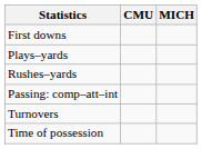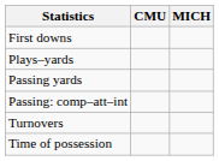 <table class="wikitable" style="float:left">
 <tr>
 <th>Statistics</th>
 <th>CMU</th>
 <th>MICH</th>
 </tr>
 <tr>
 <td>First downs</td>
 <td></td>
 <td></td>
 </tr>
 <tr>
 <td>Plays–yards</td>
 <td></td>
 <td></td>
 </tr>
 <tr>
-<td>Rushes–yards</td>
+<td>Passing yards</td>
 <td></td>
 <td></td>
 </tr>
 <tr>
 <td>Passing: comp–att–int</td>
 <td></td>
 <td></td>
 </tr>
 <tr>
 <td>Turnovers</td>
 <td></td>
 <td></td>
 </tr>
 <tr>
 <td>Time of possession</td>
 <td></td>
 <td></td>
 </tr>
 </table>
